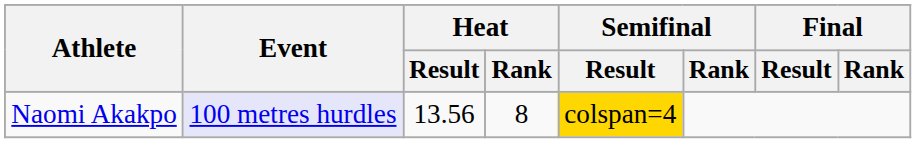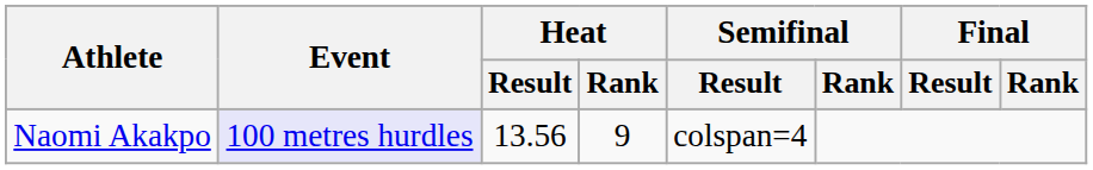 <table class="wikitable" style="font-size:90%">
 <tr>
 <th rowspan="2">Athlete</th>
 <th rowspan="2">Event</th>
 <th colspan="2">Heat</th>
 <th colspan="2">Semifinal</th>
 <th colspan="2">Final</th>
 </tr>
 <tr style="font-size:95%">
 <th>Result</th>
 <th>Rank</th>
 <th>Result</th>
 <th>Rank</th>
 <th>Result</th>
 <th>Rank</th>
 </tr>
 <tr align=center>
 <td align=left><a href='#'>Naomi Akakpo</a></td>
 <td align=left style="background: lavender;"><a href='#'>100 metres hurdles</a></td>
 <td>13.56</td>
-<td>8</td>
-<td style="background: gold;">colspan=4 </td>
+<td>9</td>
+<td>colspan=4 </td>
 </tr>
 </table>
